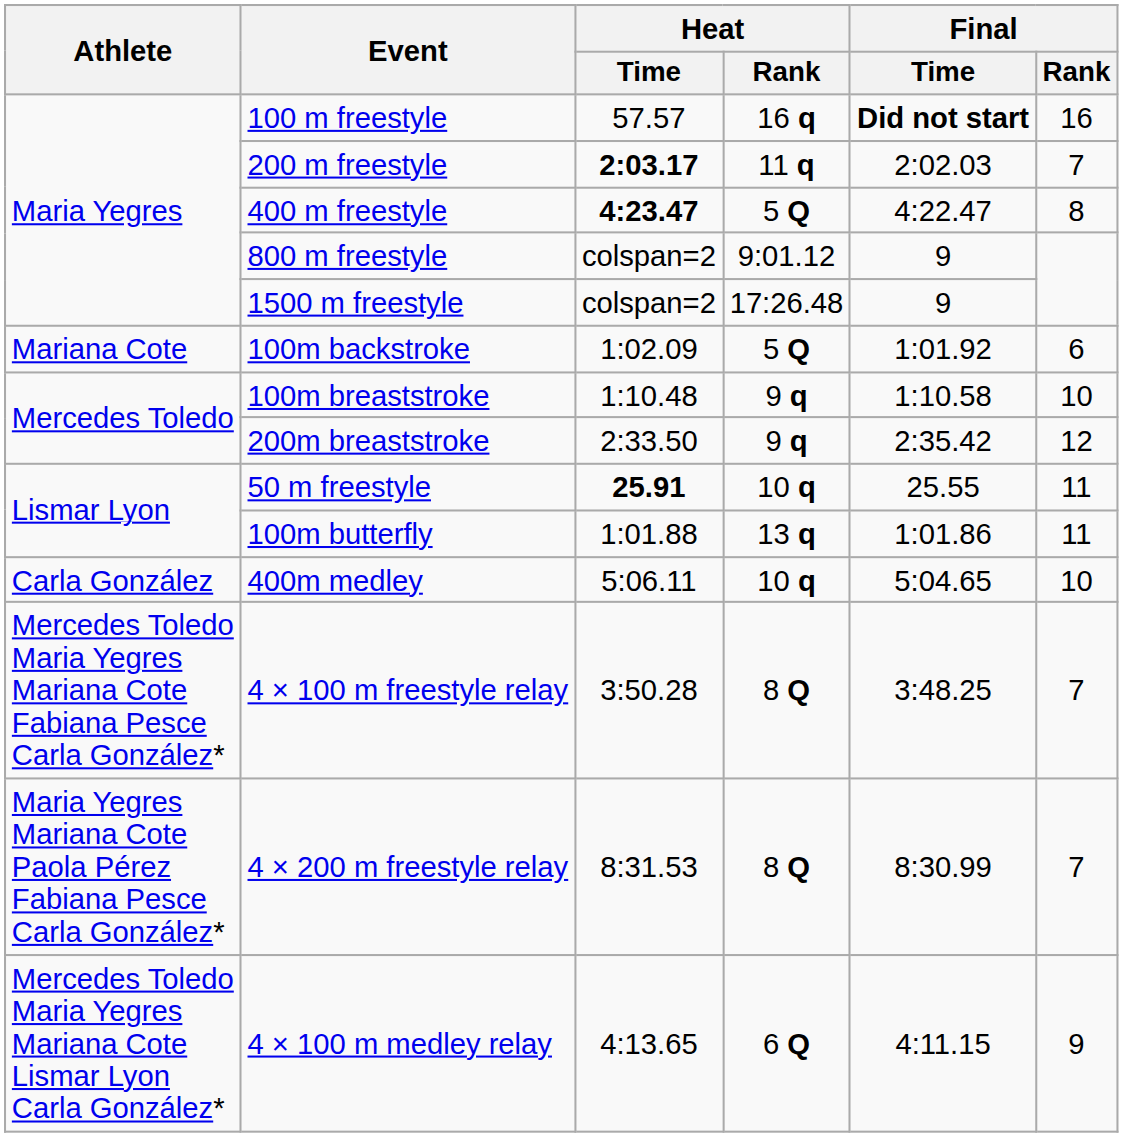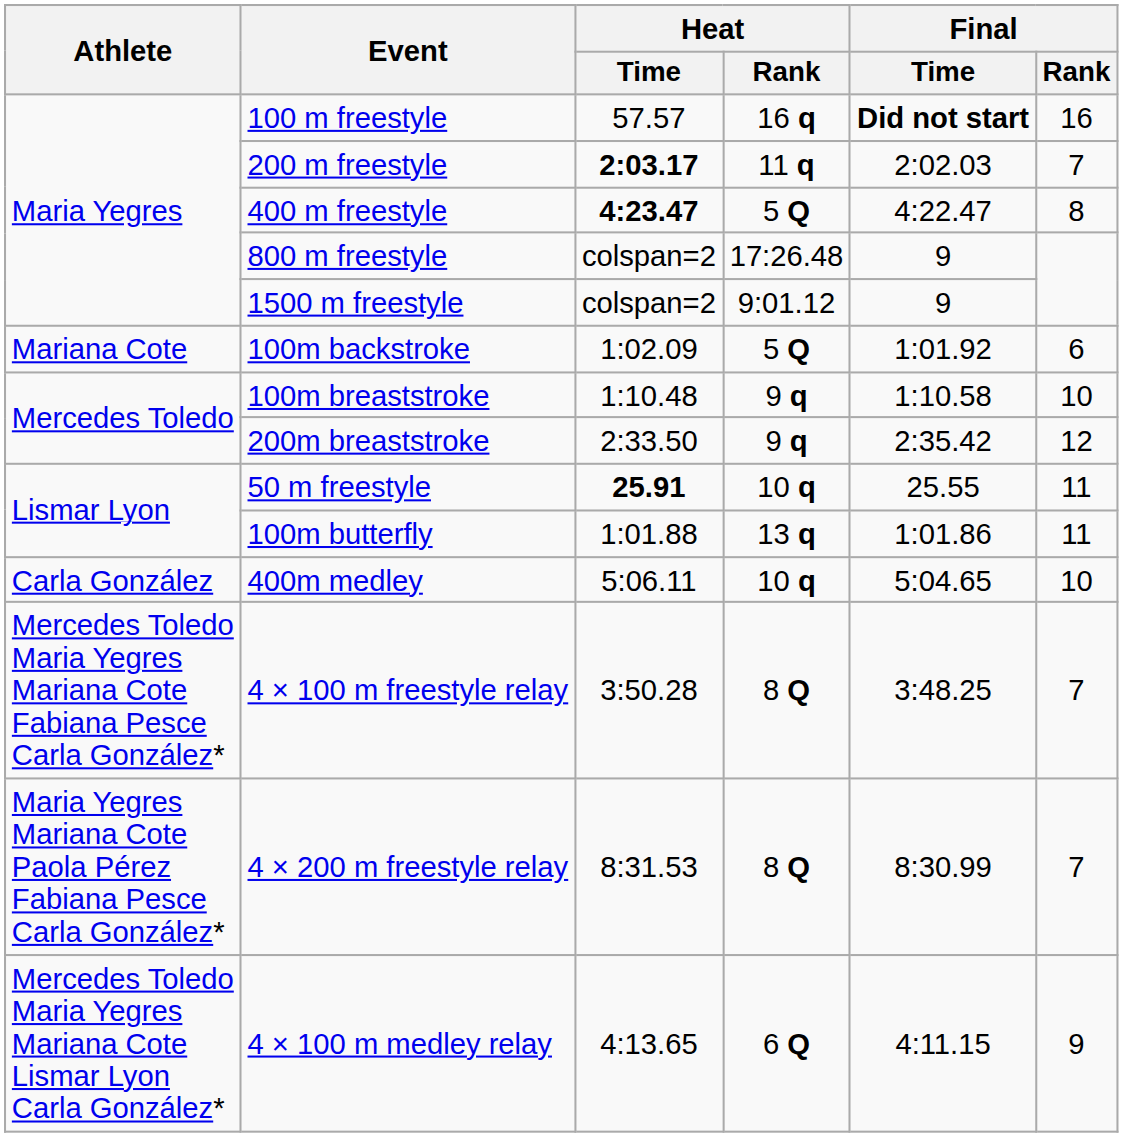 <table class=wikitable style=font-size:90%;text-align:center>
 <tr>
 <th rowspan=2>Athlete</th>
 <th rowspan=2>Event</th>
 <th colspan=2>Heat</th>
 <th colspan=2>Final</th>
 </tr>
 <tr style=font-size:95%>
 <th>Time</th>
 <th>Rank</th>
 <th>Time</th>
 <th>Rank</th>
 </tr>
 <tr>
 <td align=left rowspan=5><a href='#'>Maria Yegres</a></td>
 <td align=left><a href='#'>100 m freestyle</a></td>
 <td>57.57</td>
 <td>16 <strong>q</strong></td>
 <td><strong>Did not start</strong></td>
 <td>16</td>
 </tr>
 <tr>
 <td align=left><a href='#'>200 m freestyle</a></td>
 <td><strong>2:03.17</strong></td>
 <td>11 <strong>q</strong></td>
 <td>2:02.03</td>
 <td>7</td>
 </tr>
 <tr>
 <td align=left><a href='#'>400 m freestyle</a></td>
 <td><strong>4:23.47</strong></td>
 <td>5 <strong>Q</strong></td>
 <td>4:22.47</td>
 <td>8</td>
 </tr>
 <tr>
 <td align=left><a href='#'>800 m freestyle</a></td>
 <td>colspan=2 </td>
-<td>9:01.12</td>
+<td>17:26.48</td>
 <td>9</td>
 </tr>
 <tr>
 <td align=left><a href='#'>1500 m freestyle</a></td>
 <td>colspan=2 </td>
-<td>17:26.48</td>
+<td>9:01.12</td>
 <td>9</td>
 </tr>
 <tr>
 <td align=left><a href='#'>Mariana Cote</a></td>
 <td align=left><a href='#'>100m backstroke</a></td>
 <td>1:02.09</td>
 <td>5 <strong>Q</strong></td>
 <td>1:01.92</td>
 <td>6</td>
 </tr>
 <tr>
 <td align=left rowspan=2><a href='#'>Mercedes Toledo</a></td>
 <td align=left><a href='#'>100m breaststroke</a></td>
 <td>1:10.48</td>
 <td>9 <strong>q</strong></td>
 <td>1:10.58</td>
 <td>10</td>
 </tr>
 <tr>
 <td align=left><a href='#'>200m breaststroke</a></td>
 <td>2:33.50</td>
 <td>9 <strong>q</strong></td>
 <td>2:35.42</td>
 <td>12</td>
 </tr>
 <tr>
 <td align=left rowspan=2><a href='#'>Lismar Lyon</a></td>
 <td align=left><a href='#'>50 m freestyle</a></td>
 <td><strong>25.91</strong></td>
 <td>10 <strong>q</strong></td>
 <td>25.55</td>
 <td>11</td>
 </tr>
 <tr>
 <td align=left><a href='#'>100m butterfly</a></td>
 <td>1:01.88</td>
 <td>13 <strong>q</strong></td>
 <td>1:01.86</td>
 <td>11</td>
 </tr>
 <tr>
 <td align=left><a href='#'>Carla González</a></td>
 <td align=left><a href='#'>400m medley</a></td>
 <td>5:06.11</td>
 <td>10 <strong>q</strong></td>
 <td>5:04.65</td>
 <td>10</td>
 </tr>
 <tr>
 <td align=left><a href='#'>Mercedes Toledo</a><br><a href='#'>Maria Yegres</a><br><a href='#'>Mariana Cote</a><br><a href='#'>Fabiana Pesce</a><br><a href='#'>Carla González</a>*</td>
 <td align=left><a href='#'>4 × 100 m freestyle relay</a></td>
 <td>3:50.28</td>
 <td>8 <strong>Q</strong></td>
 <td>3:48.25</td>
 <td>7</td>
 </tr>
 <tr>
 <td align=left><a href='#'>Maria Yegres</a><br><a href='#'>Mariana Cote</a><br><a href='#'>Paola Pérez</a><br><a href='#'>Fabiana Pesce</a><br><a href='#'>Carla González</a>*</td>
 <td align=left><a href='#'>4 × 200 m freestyle relay</a></td>
 <td>8:31.53</td>
 <td>8 <strong>Q</strong></td>
 <td>8:30.99</td>
 <td>7</td>
 </tr>
 <tr>
 <td align=left><a href='#'>Mercedes Toledo</a><br><a href='#'>Maria Yegres</a><br><a href='#'>Mariana Cote</a><br><a href='#'>Lismar Lyon</a><br><a href='#'>Carla González</a>*</td>
 <td align=left><a href='#'>4 × 100 m medley relay</a></td>
 <td>4:13.65</td>
 <td>6 <strong>Q</strong></td>
 <td>4:11.15</td>
 <td>9</td>
 </tr>
 </table>
